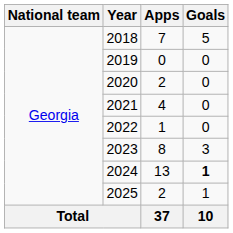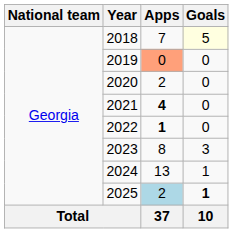 <table class="wikitable" style="text-align:center">
 <tr>
 <th>National team</th>
 <th>Year</th>
 <th>Apps</th>
 <th>Goals</th>
 </tr>
 <tr>
 <td rowspan="8"><a href='#'>Georgia</a></td>
 <td>2018</td>
 <td>7</td>
-<td>5</td>
+<td style="background: lightyellow;">5</td>
 </tr>
 <tr>
 <td>2019</td>
-<td>0</td>
+<td style="background: lightsalmon;">0</td>
 <td>0</td>
 </tr>
 <tr>
 <td>2020</td>
 <td>2</td>
 <td>0</td>
 </tr>
 <tr>
 <td>2021</td>
-<td>4</td>
+<td><strong>4</strong></td>
 <td>0</td>
 </tr>
 <tr>
 <td>2022</td>
-<td>1</td>
+<td><strong>1</strong></td>
 <td>0</td>
 </tr>
 <tr>
 <td>2023</td>
 <td>8</td>
 <td>3</td>
 </tr>
 <tr>
 <td>2024</td>
 <td>13</td>
-<td><strong>1</strong></td>
+<td>1</td>
 </tr>
 <tr>
 <td>2025</td>
-<td>2</td>
-<td>1</td>
+<td style="background: lightblue;">2</td>
+<td><strong>1</strong></td>
 </tr>
 <tr>
 <th colspan="2">Total</th>
 <th>37</th>
 <th>10</th>
 </tr>
 </table>
